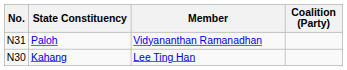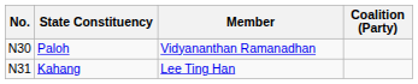 <table class="wikitable sortable">
 <tr>
 <th width="30">No.</th>
 <th width="150">State Constituency</th>
 <th width="230">Member</th>
 <th width="80">Coalition (Party)</th>
 </tr>
 <tr>
-<td>N31</td>
+<td>N30</td>
 <td><a href='#'>Paloh</a></td>
 <td><a href='#'>Vidyananthan Ramanadhan</a></td>
 <td></td>
 </tr>
 <tr>
-<td>N30</td>
+<td>N31</td>
 <td><a href='#'>Kahang</a></td>
 <td><a href='#'>Lee Ting Han</a></td>
 <td></td>
 </tr>
 </table>
